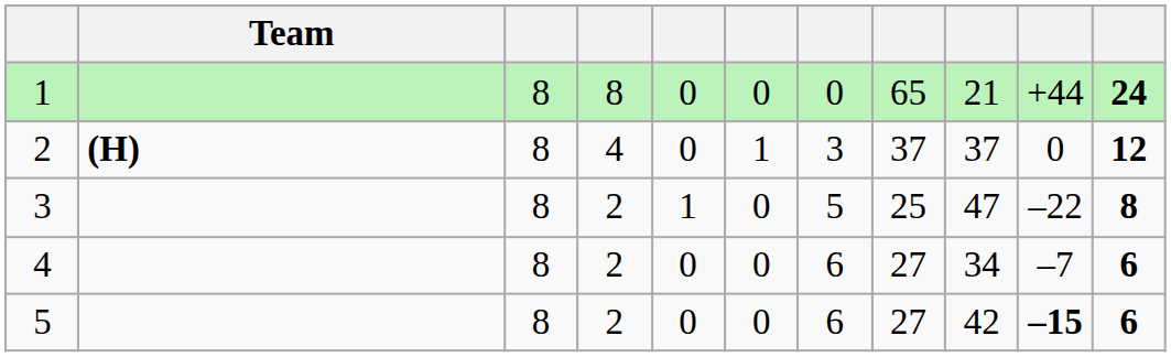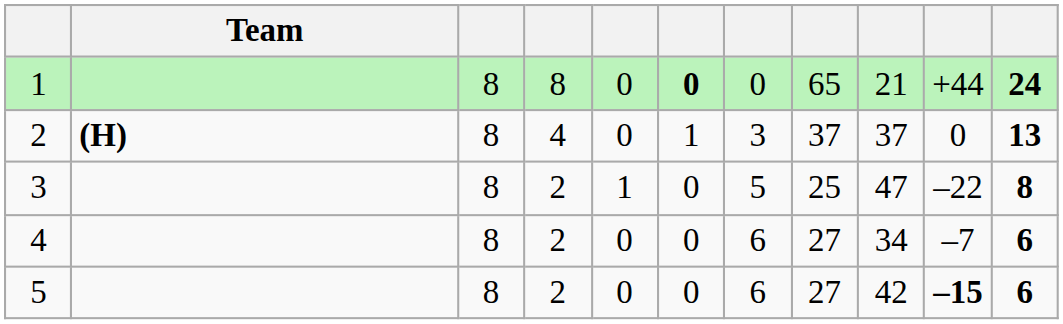 <table class="wikitable" style="text-align: center; font-size: 100%;">
 <tr>
 <th width="25"></th>
 <th width="180">Team</th>
 <th width="25"></th>
 <th width="25"></th>
 <th width="25"></th>
 <th width="25"></th>
 <th width="25"></th>
 <th width="25"></th>
 <th width="25"></th>
 <th width="25"></th>
 <th width="25"></th>
 </tr>
 <tr style="background-color: #bbf3bb;">
 <td>1</td>
 <td align=left></td>
 <td>8</td>
 <td>8</td>
 <td>0</td>
-<td>0</td>
+<td><strong>0</strong></td>
 <td>0</td>
 <td>65</td>
 <td>21</td>
 <td>+44</td>
 <td><strong>24</strong></td>
 </tr>
 <tr>
 <td>2</td>
 <td align=left> <strong>(H)</strong></td>
 <td>8</td>
 <td>4</td>
 <td>0</td>
 <td>1</td>
 <td>3</td>
 <td>37</td>
 <td>37</td>
 <td>0</td>
-<td><strong>12</strong></td>
+<td><strong>13</strong></td>
 </tr>
 <tr>
 <td>3</td>
 <td align=left></td>
 <td>8</td>
 <td>2</td>
 <td>1</td>
 <td>0</td>
 <td>5</td>
 <td>25</td>
 <td>47</td>
 <td>–22</td>
 <td><strong>8</strong></td>
 </tr>
 <tr>
 <td>4</td>
 <td align=left></td>
 <td>8</td>
 <td>2</td>
 <td>0</td>
 <td>0</td>
 <td>6</td>
 <td>27</td>
 <td>34</td>
 <td>–7</td>
 <td><strong>6</strong></td>
 </tr>
 <tr>
 <td>5</td>
 <td align=left></td>
 <td>8</td>
 <td>2</td>
 <td>0</td>
 <td>0</td>
 <td>6</td>
 <td>27</td>
 <td>42</td>
 <td><strong>–15</strong></td>
 <td><strong>6</strong></td>
 </tr>
 </table>
